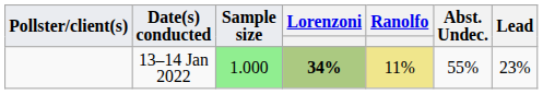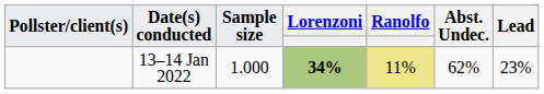 <table class="wikitable sortable" style="text-align:center;font-size:90%;line-height:14px;">
 <tr>
 <td rowspan="2" class="unsortable" style="width:50px;background:#eaecf0;"><strong>Pollster/client(s)</strong></td>
 <td rowspan="2" class="unsortable" style="width:50px;background:#eaecf0;"><strong>Date(s)<br>conducted</strong></td>
 <td rowspan="2" class="unsortable" style="width:50px;background:#eaecf0;"><strong>Sample<br> size</strong></td>
 <th class="unsortable" style="width:50px;"><a href='#'>Lorenzoni</a><br></th>
 <th class="unsortable" style="width:50px;"><a href='#'>Ranolfo</a><br></th>
 <th rowspan="2" class="unsortable">Abst.<br>Undec.</th>
 <th rowspan="2" data-sort-type="number">Lead</th>
 </tr>
 <tr>
 <th data-sort-type="number" class="sortable" style="background:"></th>
 <th data-sort-type="number" class="sortable" style="background:"></th>
 </tr>
 <tr>
 <td></td>
 <td>13–14 Jan 2022</td>
-<td style="background: lightgreen;">1.000</td>
+<td>1.000</td>
 <td style="background:#abc981;"><strong>34%</strong></td>
 <td style="background: khaki;">11%</td>
-<td>55%</td>
+<td>62%</td>
 <td style="background:">23%</td>
 </tr>
 </table>
